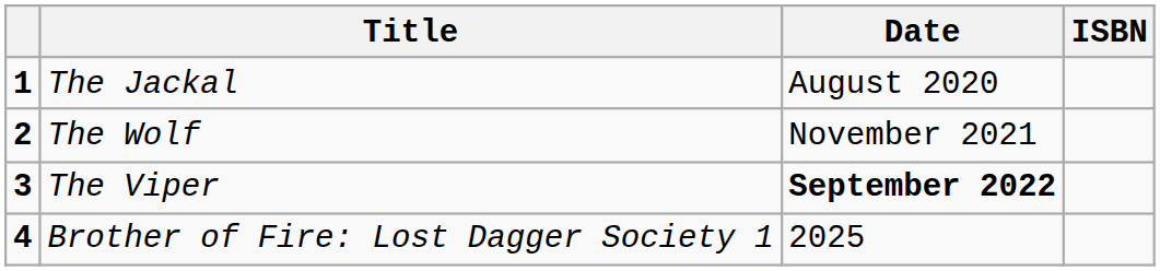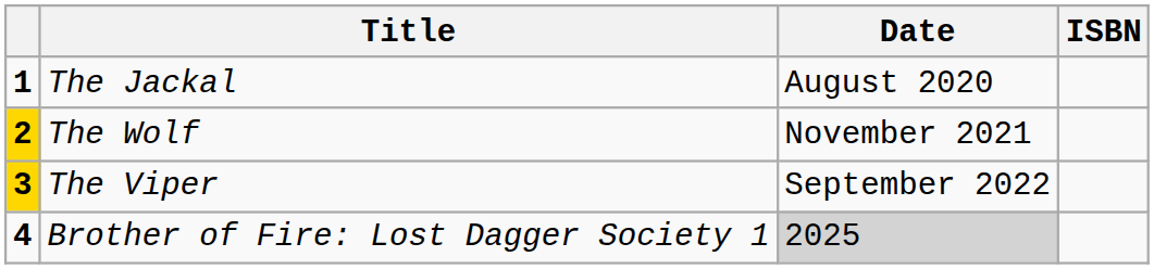 <table class="wikitable">
 <tr>
 <th></th>
 <th>Title</th>
 <th>Date</th>
 <th>ISBN</th>
 </tr>
 <tr>
 <td><strong>1</strong></td>
 <td><em>The Jackal</em></td>
 <td>August 2020</td>
 <td></td>
 </tr>
 <tr>
-<td><strong>2</strong></td>
+<td style="background: gold;"><strong>2</strong></td>
 <td><em>The Wolf</em></td>
 <td>November 2021</td>
 <td></td>
 </tr>
 <tr>
-<td><strong>3</strong></td>
+<td style="background: gold;"><strong>3</strong></td>
 <td><em>The Viper</em></td>
-<td><strong>September 2022</strong></td>
+<td>September 2022</td>
 <td></td>
 </tr>
 <tr>
 <td><strong>4</strong></td>
 <td><em>Brother of Fire: Lost Dagger Society 1</em></td>
-<td>2025</td>
+<td style="background: lightgrey;">2025</td>
 </tr>
 </table>
